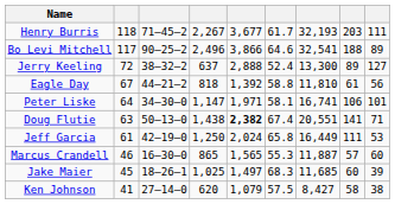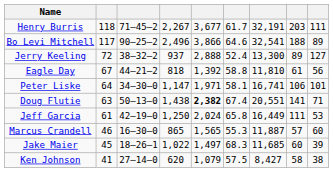 <table class="wikitable sortable" style="text-align:center">
 <tr>
 <th>Name</th>
 <th></th>
 <th></th>
 <th></th>
 <th></th>
 <th></th>
 <th></th>
 <th></th>
 <th></th>
 </tr>
 <tr>
 <td><a href='#'>Henry Burris</a></td>
 <td>118</td>
 <td>71–45–2</td>
 <td>2,267</td>
 <td>3,677</td>
 <td>61.7</td>
-<td>32,193</td>
+<td>32,191</td>
 <td>203</td>
 <td>111</td>
 </tr>
 <tr>
 <td><a href='#'>Bo Levi Mitchell</a></td>
 <td>117</td>
 <td>90–25–2</td>
 <td>2,496</td>
 <td>3,866</td>
 <td>64.6</td>
 <td>32,541</td>
 <td>188</td>
 <td>89</td>
 </tr>
 <tr>
 <td><a href='#'>Jerry Keeling</a></td>
 <td>72</td>
 <td>38–32–2</td>
-<td>637</td>
+<td>937</td>
 <td>2,888</td>
 <td>52.4</td>
 <td>13,300</td>
 <td>89</td>
 <td>127</td>
 </tr>
 <tr>
 <td><a href='#'>Eagle Day</a></td>
 <td>67</td>
 <td>44–21–2</td>
 <td>818</td>
 <td>1,392</td>
 <td>58.8</td>
 <td>11,810</td>
 <td>61</td>
 <td>56</td>
 </tr>
 <tr>
 <td><a href='#'>Peter Liske</a></td>
 <td>64</td>
 <td>34–30–0</td>
 <td>1,147</td>
 <td>1,971</td>
 <td>58.1</td>
 <td>16,741</td>
 <td>106</td>
 <td>101</td>
 </tr>
 <tr>
 <td><a href='#'>Doug Flutie</a></td>
 <td>63</td>
 <td>50–13–0</td>
 <td>1,438</td>
 <td><strong>2,382</strong></td>
 <td>67.4</td>
 <td>20,551</td>
 <td>141</td>
 <td>71</td>
 </tr>
 <tr>
 <td><a href='#'>Jeff Garcia</a></td>
 <td>61</td>
 <td>42–19–0</td>
 <td>1,250</td>
 <td>2,024</td>
 <td>65.8</td>
 <td>16,449</td>
 <td>111</td>
 <td>53</td>
 </tr>
 <tr>
 <td><a href='#'>Marcus Crandell</a></td>
 <td>46</td>
 <td>16–30–0</td>
 <td>865</td>
 <td>1,565</td>
 <td>55.3</td>
 <td>11,887</td>
 <td>57</td>
 <td>60</td>
 </tr>
 <tr>
 <td><a href='#'>Jake Maier</a></td>
 <td>45</td>
 <td>18–26–1</td>
-<td>1,025</td>
+<td>1,022</td>
 <td>1,497</td>
 <td>68.3</td>
 <td>11,685</td>
 <td>60</td>
 <td>39</td>
 </tr>
 <tr>
 <td><a href='#'>Ken Johnson</a></td>
 <td>41</td>
 <td>27–14–0</td>
 <td>620</td>
 <td>1,079</td>
 <td>57.5</td>
 <td>8,427</td>
 <td>58</td>
 <td>38</td>
 </tr>
 </table>
